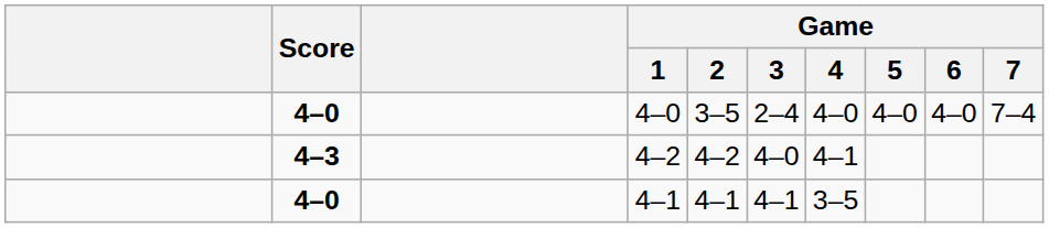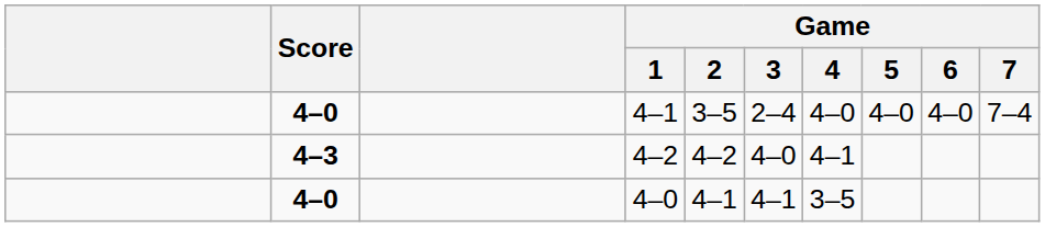 <table class="wikitable" style="text-align: center;">
 <tr>
 <th rowspan=2 align="right" width="270"></th>
 <th rowspan=2 width="45">Score</th>
 <th rowspan=2 align="left" width="270"></th>
 <th colspan=7>Game</th>
 </tr>
 <tr>
 <th width="35">1</th>
 <th width="35">2</th>
 <th width="35">3</th>
 <th width="35">4</th>
 <th width="35">5</th>
 <th width="35">6</th>
 <th width="35">7</th>
 </tr>
 <tr>
 <td align=left><strong></strong></td>
 <td align=center><strong>4–0</strong></td>
 <td align=left></td>
-<td>4–0</td>
+<td>4–1</td>
 <td>3–5</td>
 <td>2–4</td>
 <td>4–0</td>
 <td>4–0</td>
 <td>4–0</td>
 <td>7–4</td>
 </tr>
 <tr>
 <td align=left><strong></strong></td>
 <td align=center><strong>4–3</strong></td>
 <td align=left></td>
 <td>4–2</td>
 <td>4–2</td>
 <td>4–0</td>
 <td>4–1</td>
 <td></td>
 <td></td>
 <td></td>
 </tr>
 <tr>
 <td align=left><strong></strong></td>
 <td align=center><strong>4–0</strong></td>
 <td align=left></td>
-<td>4–1</td>
+<td>4–0</td>
 <td>4–1</td>
 <td>4–1</td>
 <td>3–5</td>
 <td></td>
 <td></td>
 <td></td>
 </tr>
 </table>
